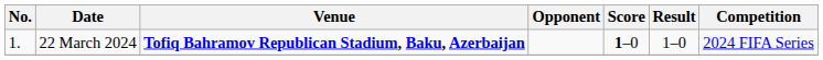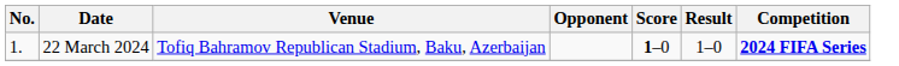 <table class="wikitable">
 <tr>
 <th>No.</th>
 <th>Date</th>
 <th>Venue</th>
 <th>Opponent</th>
 <th>Score</th>
 <th>Result</th>
 <th>Competition</th>
 </tr>
 <tr>
 <td>1.</td>
 <td>22 March 2024</td>
-<td><strong><a href='#'>Tofiq Bahramov Republican Stadium</a>, <a href='#'>Baku</a>, <a href='#'>Azerbaijan</a></strong></td>
+<td><a href='#'>Tofiq Bahramov Republican Stadium</a>, <a href='#'>Baku</a>, <a href='#'>Azerbaijan</a></td>
 <td></td>
 <td align=center><strong>1</strong>–0</td>
 <td align=center>1–0</td>
-<td><a href='#'>2024 FIFA Series</a></td>
+<td><strong><a href='#'>2024 FIFA Series</a></strong></td>
 </tr>
 <tr>
 </tr>
 </table>
